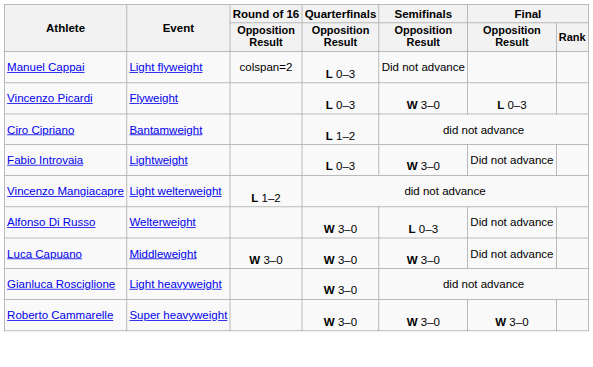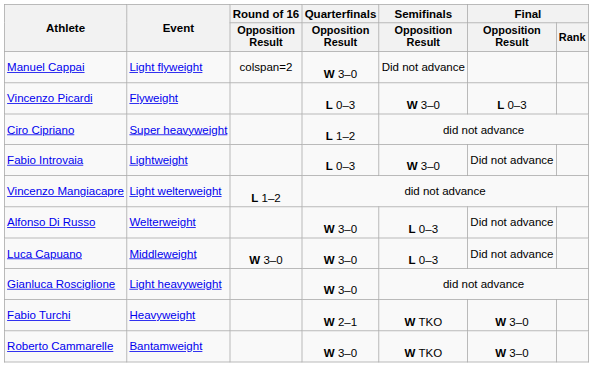 <table class="wikitable" style="font-size:90%">
 <tr>
 <th rowspan=2>Athlete</th>
 <th rowspan=2>Event</th>
 <th>Round of 16</th>
 <th>Quarterfinals</th>
 <th>Semifinals</th>
 <th colspan=2>Final</th>
 </tr>
 <tr style="font-size:95%">
 <th>Opposition<br>Result</th>
 <th>Opposition<br>Result</th>
 <th>Opposition<br>Result</th>
 <th>Opposition<br>Result</th>
 <th>Rank</th>
 </tr>
 <tr align=center>
 <td align=left><a href='#'>Manuel Cappai</a></td>
 <td align=left><a href='#'>Light flyweight</a></td>
 <td>colspan=2 </td>
-<td><br><strong>L</strong> 0–3</td>
+<td><br><strong>W</strong> 3–0</td>
 <td>Did not advance</td>
 <td></td>
 </tr>
 <tr align=center>
 <td align=left><a href='#'>Vincenzo Picardi</a></td>
 <td align=left><a href='#'>Flyweight</a></td>
 <td></td>
 <td><br><strong>L</strong> 0–3</td>
 <td><br><strong>W</strong> 3–0</td>
 <td><br><strong>L</strong> 0–3</td>
 <td></td>
 </tr>
 <tr align=center>
 <td align=left><a href='#'>Ciro Cipriano</a></td>
-<td align=left><a href='#'>Bantamweight</a></td>
+<td align=left><a href='#'>Super heavyweight</a></td>
 <td></td>
 <td><br><strong>L</strong> 1–2</td>
 <td colspan=3>did not advance</td>
 </tr>
 <tr align=center>
 <td align=left><a href='#'>Fabio Introvaia</a></td>
 <td align=left><a href='#'>Lightweight</a></td>
 <td></td>
 <td><br><strong>L</strong> 0–3</td>
 <td><br><strong>W</strong> 3–0</td>
 <td>Did not advance</td>
 <td></td>
 </tr>
 <tr align=center>
 <td align=left><a href='#'>Vincenzo Mangiacapre</a></td>
 <td align=left><a href='#'>Light welterweight</a></td>
 <td><br><strong>L</strong> 1–2</td>
 <td colspan=4>did not advance</td>
 </tr>
 <tr align=center>
 <td align=left><a href='#'>Alfonso Di Russo</a></td>
 <td align=left><a href='#'>Welterweight</a></td>
 <td></td>
 <td><br><strong>W</strong> 3–0</td>
 <td><br><strong>L</strong> 0–3</td>
 <td>Did not advance</td>
 <td></td>
 </tr>
 <tr align=center>
 <td align=left><a href='#'>Luca Capuano</a></td>
 <td align=left><a href='#'>Middleweight</a></td>
 <td><br><strong>W</strong> 3–0</td>
 <td><br><strong>W</strong> 3–0</td>
-<td><br><strong>W</strong> 3–0</td>
+<td><br><strong>L</strong> 0–3</td>
 <td>Did not advance</td>
 <td></td>
 </tr>
 <tr align=center>
 <td align=left><a href='#'>Gianluca Rosciglione</a></td>
 <td align=left><a href='#'>Light heavyweight</a></td>
 <td></td>
 <td><br><strong>W</strong> 3–0</td>
 <td colspan=3>did not advance</td>
 </tr>
 <tr align=center>
+<td align=left><a href='#'>Fabio Turchi</a></td>
+<td align=left><a href='#'>Heavyweight</a></td>
+<td></td>
+<td><br><strong>W</strong> 2–1</td>
+<td><br><strong>W</strong> TKO</td>
+<td><br><strong>W</strong> 3–0</td>
+<td></td>
+</tr>
+<tr align=center>
 <td align=left><a href='#'>Roberto Cammarelle</a></td>
-<td align=left><a href='#'>Super heavyweight</a></td>
+<td align=left><a href='#'>Bantamweight</a></td>
 <td></td>
 <td><br><strong>W</strong> 3–0</td>
-<td><br><strong>W</strong> 3–0</td>
+<td><br><strong>W</strong> TKO</td>
 <td><br><strong>W</strong> 3–0</td>
 <td></td>
 </tr>
 </table>
